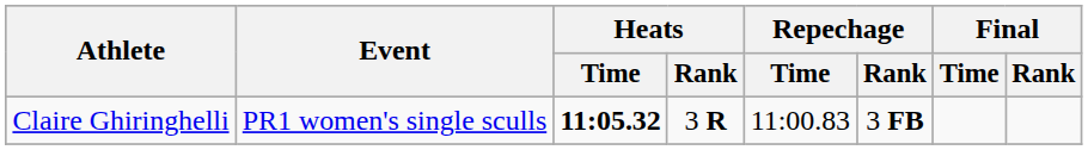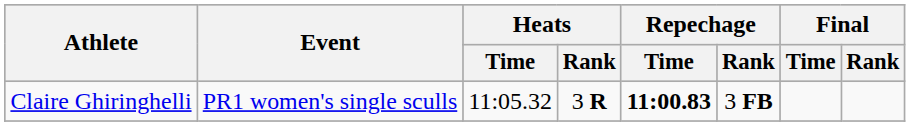 <table class="wikitable" style="font-size:90%">
 <tr>
 <th rowspan=2>Athlete</th>
 <th rowspan=2>Event</th>
 <th colspan=2>Heats</th>
 <th colspan=2>Repechage</th>
 <th colspan=2>Final</th>
 </tr>
 <tr style="font-size:95%">
 <th>Time</th>
 <th>Rank</th>
 <th>Time</th>
 <th>Rank</th>
 <th>Time</th>
 <th>Rank</th>
 </tr>
 <tr align=center>
 <td align=left><a href='#'>Claire Ghiringhelli</a></td>
 <td align=left><a href='#'>PR1 women's single sculls</a></td>
-<td><strong>11:05.32</strong></td>
+<td>11:05.32</td>
 <td>3 <strong>R</strong></td>
-<td>11:00.83</td>
+<td><strong>11:00.83</strong></td>
 <td>3 <strong>FB</strong></td>
 <td></td>
 <td></td>
 </tr>
 </table>
